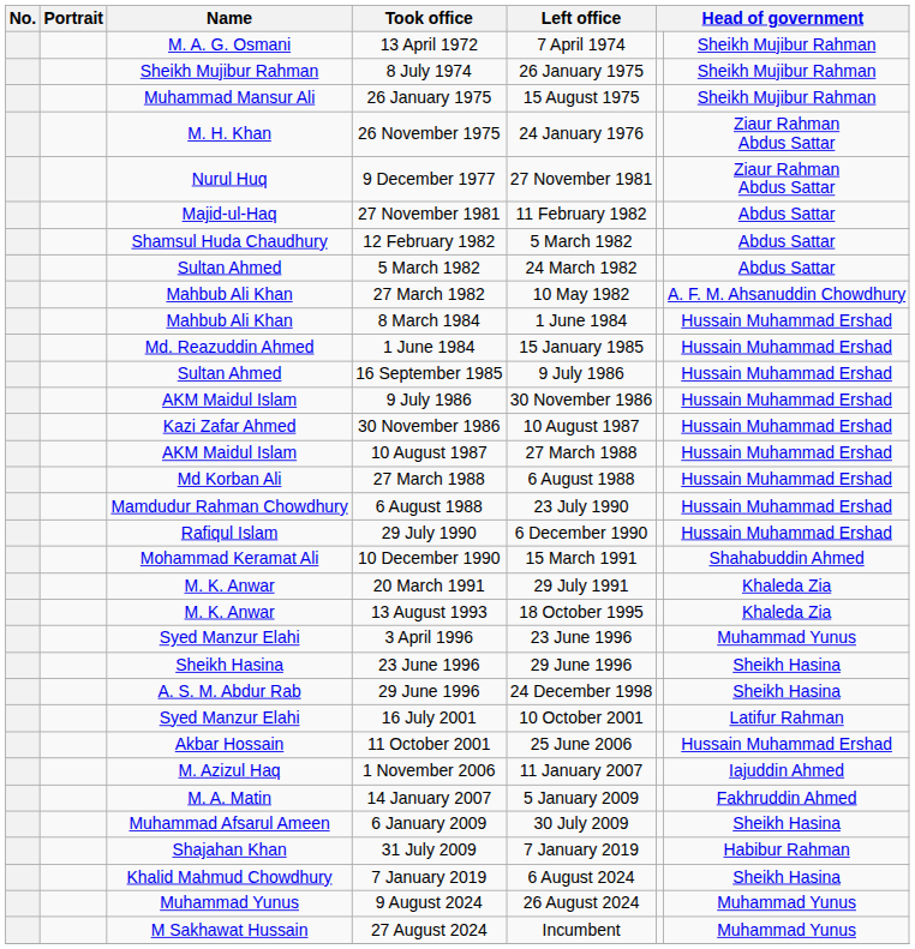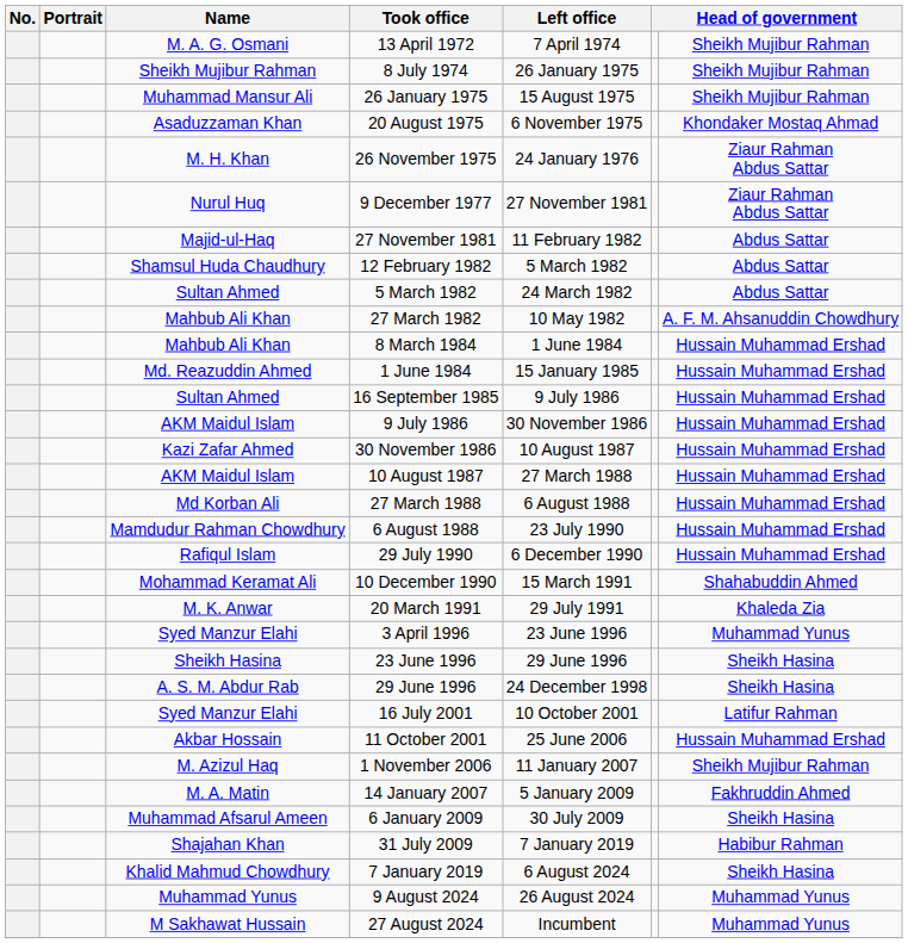 <table class="wikitable" style="clear:right; text-align:center"|}>
 <tr>
 <th>No.</th>
 <th>Portrait</th>
 <th>Name</th>
 <th>Took office</th>
 <th>Left office</th>
 <th colspan="2"><a href='#'>Head of government</a></th>
 </tr>
 <tr>
 <th></th>
 <td></td>
 <td><a href='#'>M. A. G. Osmani</a></td>
 <td>13 April 1972</td>
 <td>7 April 1974</td>
 <td style="background: "></td>
 <td><a href='#'>Sheikh Mujibur Rahman</a></td>
 </tr>
 <tr>
 <th></th>
 <td></td>
 <td><a href='#'>Sheikh Mujibur Rahman</a></td>
 <td>8 July 1974</td>
 <td>26 January 1975</td>
 <td style="background: "></td>
 <td><a href='#'>Sheikh Mujibur Rahman</a></td>
 </tr>
 <tr>
 <th></th>
 <td></td>
 <td><a href='#'>Muhammad Mansur Ali</a></td>
 <td>26 January 1975</td>
 <td>15 August 1975</td>
 <td style="background: "></td>
 <td><a href='#'>Sheikh Mujibur Rahman</a></td>
+</tr>
+<tr>
+<th></th>
+<td></td>
+<td><a href='#'>Asaduzzaman Khan</a></td>
+<td>20 August 1975</td>
+<td>6 November 1975</td>
+<td style="background: "></td>
+<td><a href='#'>Khondaker Mostaq Ahmad</a></td>
 </tr>
 <tr>
 <th></th>
 <td></td>
 <td><a href='#'>M. H. Khan</a></td>
 <td>26 November 1975</td>
 <td>24 January 1976</td>
 <td style="background: "></td>
 <td><a href='#'>Ziaur Rahman</a> <br><a href='#'>Abdus Sattar</a></td>
 </tr>
 <tr>
 <th></th>
 <td></td>
 <td><a href='#'>Nurul Huq</a></td>
 <td>9 December 1977</td>
 <td>27 November 1981</td>
 <td style="background: "></td>
 <td><a href='#'>Ziaur Rahman</a> <br><a href='#'>Abdus Sattar</a></td>
 </tr>
 <tr>
 <th></th>
 <td></td>
 <td><a href='#'>Majid-ul-Haq</a></td>
 <td>27 November 1981</td>
 <td>11 February 1982</td>
 <td style="background: "></td>
 <td><a href='#'>Abdus Sattar</a></td>
 </tr>
 <tr>
 <th></th>
 <td></td>
 <td><a href='#'>Shamsul Huda Chaudhury</a></td>
 <td>12 February 1982</td>
 <td>5 March 1982</td>
 <td style="background: "></td>
 <td><a href='#'>Abdus Sattar</a></td>
 </tr>
 <tr>
 <th></th>
 <td></td>
 <td><a href='#'>Sultan Ahmed</a></td>
 <td>5 March 1982</td>
 <td>24 March 1982</td>
 <td style="background: "></td>
 <td><a href='#'>Abdus Sattar</a></td>
 </tr>
 <tr>
 <th></th>
 <td></td>
 <td><a href='#'>Mahbub Ali Khan</a></td>
 <td>27 March 1982</td>
 <td>10 May 1982</td>
 <td style="background: "></td>
 <td><a href='#'>A. F. M. Ahsanuddin Chowdhury</a></td>
 </tr>
 <tr>
 <th></th>
 <td></td>
 <td><a href='#'>Mahbub Ali Khan</a></td>
 <td>8 March 1984</td>
 <td>1 June 1984</td>
 <td style="background: "></td>
 <td><a href='#'>Hussain Muhammad Ershad</a></td>
 </tr>
 <tr>
 <th></th>
 <td></td>
 <td><a href='#'>Md. Reazuddin Ahmed</a></td>
 <td>1 June 1984</td>
 <td>15 January 1985</td>
 <td style="background: "></td>
 <td><a href='#'>Hussain Muhammad Ershad</a></td>
 </tr>
 <tr>
 <th></th>
 <td></td>
 <td><a href='#'>Sultan Ahmed</a></td>
 <td>16 September 1985</td>
 <td>9 July 1986</td>
 <td style="background: "></td>
 <td><a href='#'>Hussain Muhammad Ershad</a></td>
 </tr>
 <tr>
 <th></th>
 <td></td>
 <td><a href='#'>AKM Maidul Islam</a></td>
 <td>9 July 1986</td>
 <td>30 November 1986</td>
 <td style="background: "></td>
 <td><a href='#'>Hussain Muhammad Ershad</a></td>
 </tr>
 <tr>
 <th></th>
 <td></td>
 <td><a href='#'>Kazi Zafar Ahmed</a></td>
 <td>30 November 1986</td>
 <td>10 August 1987</td>
 <td style="background: "></td>
 <td><a href='#'>Hussain Muhammad Ershad</a></td>
 </tr>
 <tr>
 <th></th>
 <td></td>
 <td><a href='#'>AKM Maidul Islam</a></td>
 <td>10 August 1987</td>
 <td>27 March 1988</td>
 <td style="background: "></td>
 <td><a href='#'>Hussain Muhammad Ershad</a></td>
 </tr>
 <tr>
 <th></th>
 <td></td>
 <td><a href='#'>Md Korban Ali</a></td>
 <td>27 March 1988</td>
 <td>6 August 1988</td>
 <td style="background: "></td>
 <td><a href='#'>Hussain Muhammad Ershad</a></td>
 </tr>
 <tr>
 <th></th>
 <td></td>
 <td><a href='#'>Mamdudur Rahman Chowdhury</a></td>
 <td>6 August 1988</td>
 <td>23 July 1990</td>
 <td style="background: "></td>
 <td><a href='#'>Hussain Muhammad Ershad</a></td>
 </tr>
 <tr>
 <th></th>
 <td></td>
 <td><a href='#'>Rafiqul Islam</a></td>
 <td>29 July 1990</td>
 <td>6 December 1990</td>
 <td style="background: "></td>
 <td><a href='#'>Hussain Muhammad Ershad</a></td>
 </tr>
 <tr>
 <th></th>
 <td></td>
 <td><a href='#'>Mohammad Keramat Ali</a></td>
 <td>10 December 1990</td>
 <td>15 March 1991</td>
 <td style="background: "></td>
 <td><a href='#'>Shahabuddin Ahmed</a></td>
 </tr>
 <tr>
 <th></th>
 <td></td>
 <td><a href='#'>M. K. Anwar</a></td>
 <td>20 March 1991</td>
 <td>29 July 1991</td>
 <td style="background: "></td>
 <td><a href='#'>Khaleda Zia</a></td>
 </tr>
 <tr>
 <th></th>
 <td></td>
-<td><a href='#'>M. K. Anwar</a></td>
-<td>13 August 1993</td>
-<td>18 October 1995</td>
-<td style="background: "></td>
-<td><a href='#'>Khaleda Zia</a></td>
-</tr>
-<tr>
-<th></th>
-<td></td>
 <td><a href='#'>Syed Manzur Elahi</a></td>
 <td>3 April 1996</td>
 <td>23 June 1996</td>
 <td style="background: "></td>
 <td><a href='#'>Muhammad Yunus</a></td>
 </tr>
 <tr>
 <th></th>
 <td></td>
 <td><a href='#'>Sheikh Hasina</a></td>
 <td>23 June 1996</td>
 <td>29 June 1996</td>
 <td style="background: "></td>
 <td><a href='#'>Sheikh Hasina</a></td>
 </tr>
 <tr>
 <th></th>
 <td></td>
 <td><a href='#'>A. S. M. Abdur Rab</a></td>
 <td>29 June 1996</td>
 <td>24 December 1998</td>
 <td style="background: "></td>
 <td><a href='#'>Sheikh Hasina</a></td>
 </tr>
 <tr>
 <th></th>
 <td></td>
 <td><a href='#'>Syed Manzur Elahi</a></td>
 <td>16 July 2001</td>
 <td>10 October 2001</td>
 <td style="background: "></td>
 <td><a href='#'>Latifur Rahman</a></td>
 </tr>
 <tr>
 <th></th>
 <td></td>
 <td><a href='#'>Akbar Hossain</a></td>
 <td>11 October 2001</td>
 <td>25 June 2006</td>
 <td style="background: "></td>
 <td><a href='#'>Hussain Muhammad Ershad</a></td>
 </tr>
 <tr>
 <th></th>
 <td></td>
 <td><a href='#'>M. Azizul Haq</a></td>
 <td>1 November 2006</td>
 <td>11 January 2007</td>
 <td style="background: "></td>
-<td><a href='#'>Iajuddin Ahmed</a></td>
+<td><a href='#'>Sheikh Mujibur Rahman</a></td>
 </tr>
 <tr>
 <th></th>
 <td></td>
 <td><a href='#'>M. A. Matin</a></td>
 <td>14 January 2007</td>
 <td>5 January 2009</td>
 <td style="background: "></td>
 <td><a href='#'>Fakhruddin Ahmed</a></td>
 </tr>
 <tr>
 <th></th>
 <td></td>
 <td><a href='#'>Muhammad Afsarul Ameen</a></td>
 <td>6 January 2009</td>
 <td>30 July 2009</td>
 <td style="background: "></td>
 <td><a href='#'>Sheikh Hasina</a></td>
 </tr>
 <tr>
 <th></th>
 <td></td>
 <td><a href='#'>Shajahan Khan</a></td>
 <td>31 July 2009</td>
 <td>7 January 2019</td>
 <td style="background: "></td>
 <td><a href='#'>Habibur Rahman</a></td>
 </tr>
 <tr>
 <th></th>
 <td></td>
 <td><a href='#'>Khalid Mahmud Chowdhury</a></td>
 <td>7 January 2019</td>
 <td>6 August 2024</td>
 <td style="background: "></td>
 <td><a href='#'>Sheikh Hasina</a></td>
 </tr>
 <tr>
 <th></th>
 <td></td>
 <td><a href='#'>Muhammad Yunus</a></td>
 <td>9 August 2024</td>
 <td>26 August 2024</td>
 <td style="background: "></td>
 <td><a href='#'>Muhammad Yunus</a></td>
 </tr>
 <tr>
 <th></th>
 <td></td>
 <td><a href='#'>M Sakhawat Hussain</a></td>
 <td>27 August 2024</td>
 <td>Incumbent</td>
 <td style="background: "></td>
 <td><a href='#'>Muhammad Yunus</a></td>
 </tr>
 <tr>
 </tr>
 </table>
